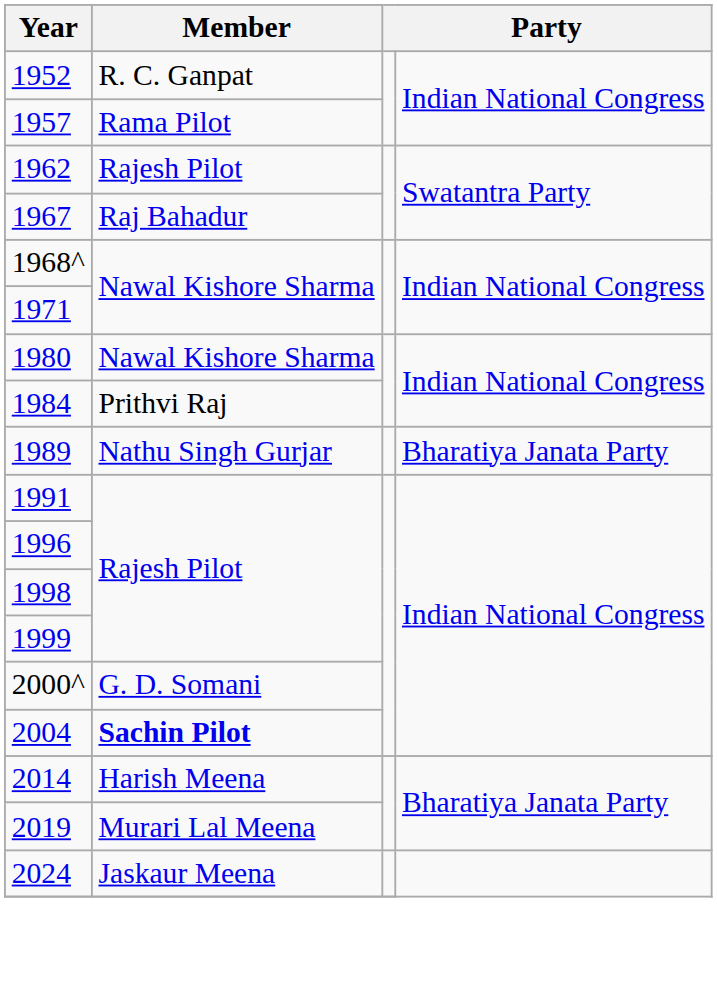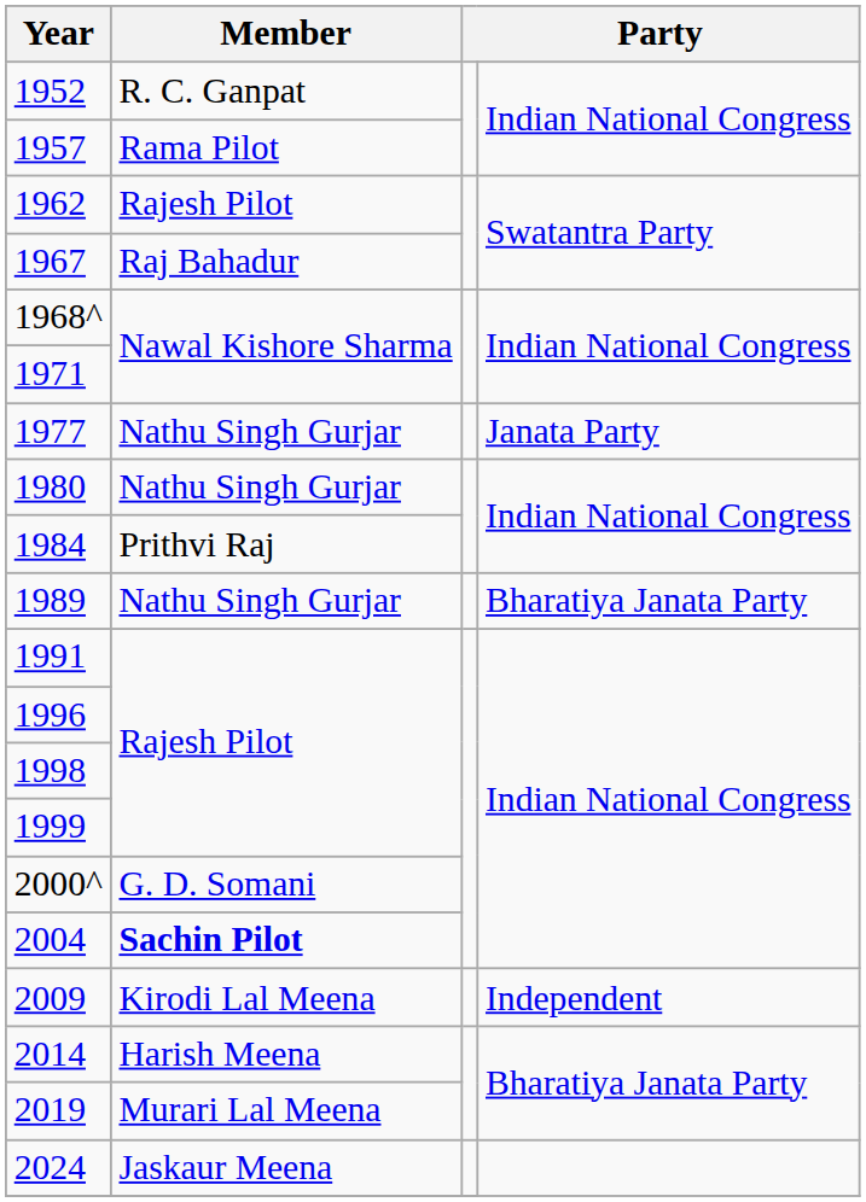 <table class="wikitable">
 <tr>
 <th>Year</th>
 <th>Member</th>
 <th colspan="2">Party</th>
 </tr>
 <tr>
 <td><a href='#'>1952</a></td>
 <td>R. C. Ganpat</td>
 <td rowspan="2" style="background-color: "></td>
 <td rowspan="2"><a href='#'>Indian National Congress</a></td>
 </tr>
 <tr>
 <td><a href='#'>1957</a></td>
 <td><a href='#'>Rama Pilot</a></td>
 </tr>
 <tr>
 <td><a href='#'>1962</a></td>
 <td><a href='#'>Rajesh Pilot</a></td>
 <td rowspan="2" style="background-color: "></td>
 <td rowspan="2"><a href='#'>Swatantra Party</a></td>
 </tr>
 <tr>
 <td><a href='#'>1967</a></td>
 <td><a href='#'>Raj Bahadur</a></td>
 </tr>
 <tr>
 <td>1968^</td>
 <td rowspan="2"><a href='#'>Nawal Kishore Sharma</a></td>
 <td rowspan="2" style="background-color: "></td>
 <td rowspan="2"><a href='#'>Indian National Congress</a></td>
 </tr>
 <tr>
 <td><a href='#'>1971</a></td>
 </tr>
 <tr>
+<td><a href='#'>1977</a></td>
+<td><a href='#'>Nathu Singh Gurjar</a></td>
+<td style="background-color: "></td>
+<td><a href='#'>Janata Party</a></td>
+</tr>
+<tr>
 <td><a href='#'>1980</a></td>
-<td><a href='#'>Nawal Kishore Sharma</a></td>
+<td><a href='#'>Nathu Singh Gurjar</a></td>
 <td rowspan="2" style="background-color: "></td>
 <td rowspan="2"><a href='#'>Indian National Congress</a></td>
 </tr>
 <tr>
 <td><a href='#'>1984</a></td>
 <td>Prithvi Raj</td>
 </tr>
 <tr>
 <td><a href='#'>1989</a></td>
 <td><a href='#'>Nathu Singh Gurjar</a></td>
 <td style="background-color: "></td>
 <td><a href='#'>Bharatiya Janata Party</a></td>
 </tr>
 <tr>
 <td><a href='#'>1991</a></td>
 <td rowspan="4"><a href='#'>Rajesh Pilot</a></td>
 <td rowspan="6" style="background-color: "></td>
 <td rowspan="6"><a href='#'>Indian National Congress</a></td>
 </tr>
 <tr>
 <td><a href='#'>1996</a></td>
 </tr>
 <tr>
 <td><a href='#'>1998</a></td>
 </tr>
 <tr>
 <td><a href='#'>1999</a></td>
 </tr>
 <tr>
 <td>2000^</td>
 <td><a href='#'>G. D. Somani</a></td>
 </tr>
 <tr>
 <td><a href='#'>2004</a></td>
 <td><strong><a href='#'>Sachin Pilot</a></strong></td>
 </tr>
 <tr>
+<td><a href='#'>2009</a></td>
+<td><a href='#'>Kirodi Lal Meena</a></td>
+<td style="background-color: "></td>
+<td><a href='#'>Independent</a></td>
+</tr>
+<tr>
 <td><a href='#'>2014</a></td>
 <td><a href='#'>Harish Meena</a></td>
 <td rowspan="2" style="background-color: "></td>
 <td rowspan="2"><a href='#'>Bharatiya Janata Party</a></td>
 </tr>
 <tr>
 <td><a href='#'>2019</a></td>
 <td><a href='#'>Murari Lal Meena</a></td>
 </tr>
 <tr>
 <td><a href='#'>2024</a></td>
 <td><a href='#'>Jaskaur Meena</a></td>
 <td></td>
 </tr>
 <tr>
 </tr>
 </table>
